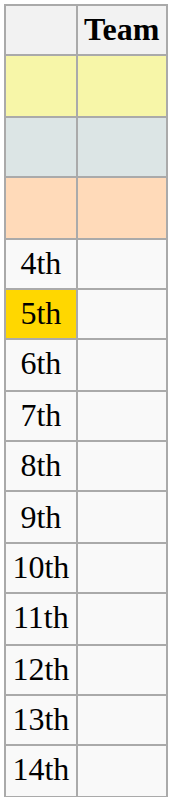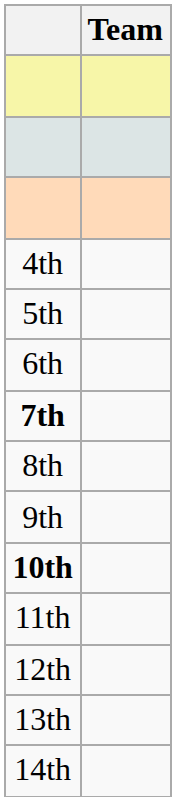 <table class="wikitable" style="text-align:center">
 <tr>
 <th width=15></th>
 <th>Team</th>
 </tr>
 <tr bgcolor="#F7F6A8">
 <td align="center" style="height:23px"></td>
 <td align=left></td>
 </tr>
 <tr bgcolor="#DCE5E5">
 <td align="center" style="height:23px"></td>
 <td align=left></td>
 </tr>
 <tr bgcolor="#FFDAB9">
 <td align="center" style="height:23px"></td>
 <td align=left></td>
 </tr>
 <tr>
 <td>4th</td>
 <td align=left></td>
 </tr>
 <tr>
-<td style="background: gold;">5th</td>
+<td>5th</td>
 <td align=left></td>
 </tr>
 <tr>
 <td>6th</td>
 <td align=left></td>
 </tr>
 <tr>
-<td>7th</td>
+<td><strong>7th</strong></td>
 <td align=left></td>
 </tr>
 <tr>
 <td>8th</td>
 <td align=left></td>
 </tr>
 <tr>
 <td>9th</td>
 <td align=left></td>
 </tr>
 <tr>
-<td>10th</td>
+<td><strong>10th</strong></td>
 <td align=left></td>
 </tr>
 <tr>
 <td>11th</td>
 <td align=left></td>
 </tr>
 <tr>
 <td>12th</td>
 <td align=left></td>
 </tr>
 <tr>
 <td>13th</td>
 <td align=left></td>
 </tr>
 <tr>
 <td>14th</td>
 <td align=left></td>
 </tr>
 </table>
